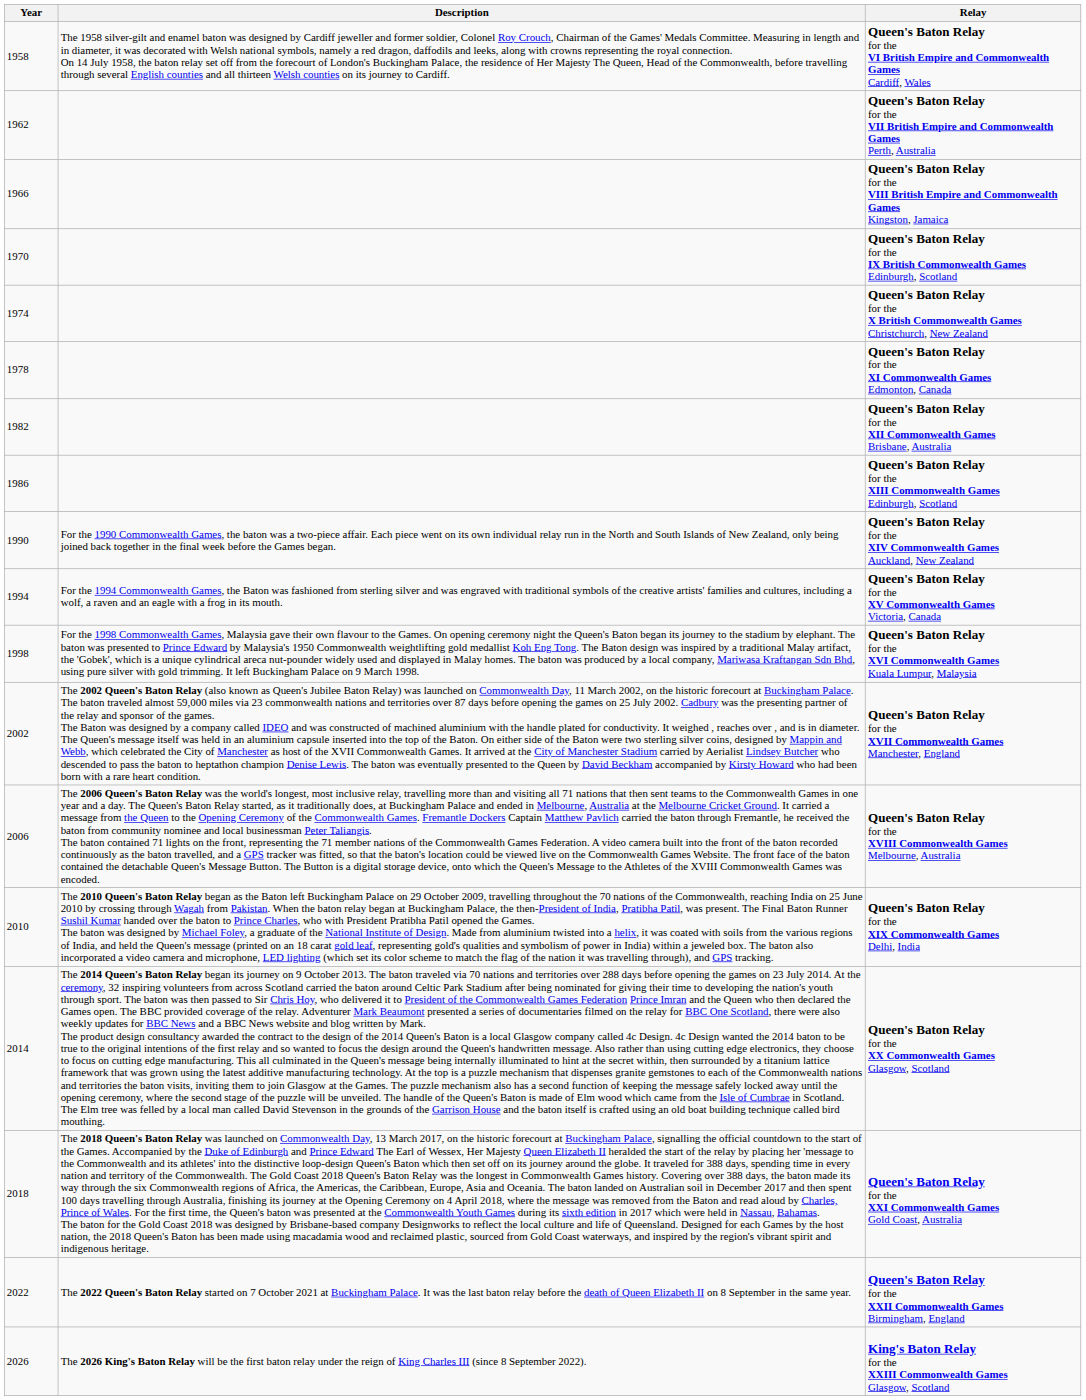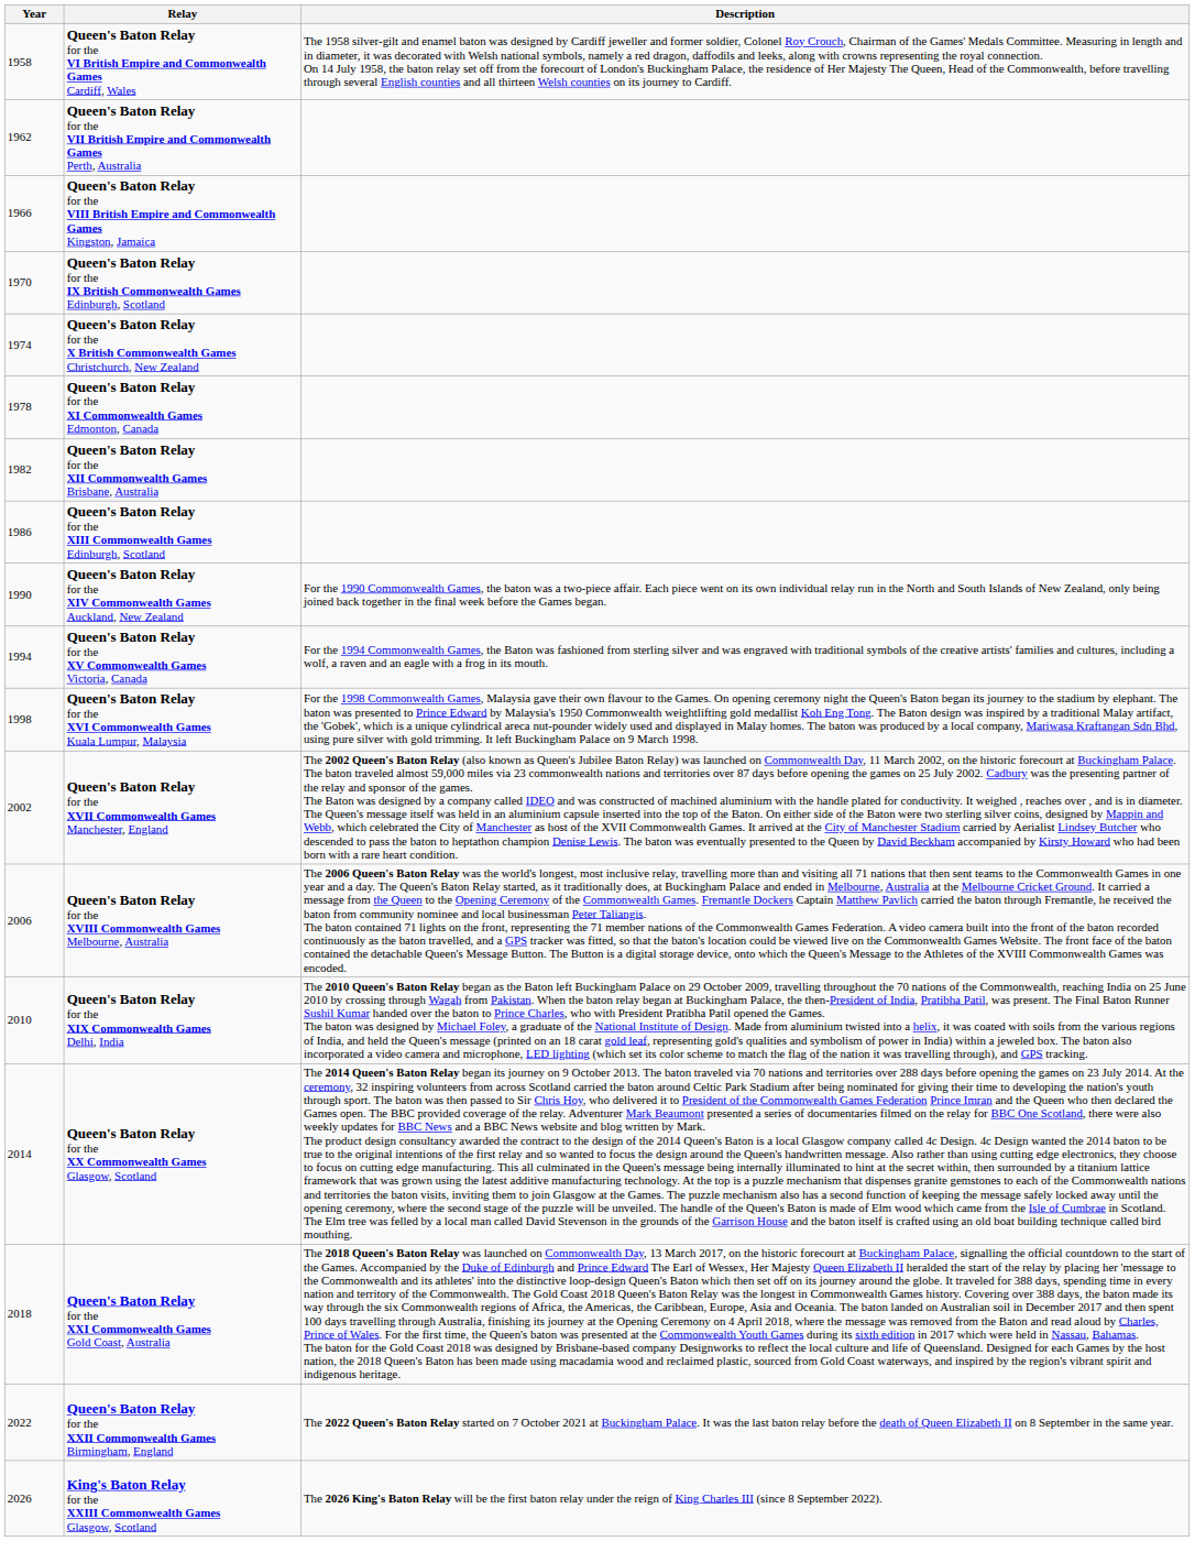 <table class="wikitable" style="width:100%;">
 <tr>
 <th style="width:5%;">Year</th>
+<th style="width:20%;">Relay</th>
 <th style="width:75%;">Description</th>
-<th style="width:20%;">Relay</th>
 </tr>
 <tr>
 <td>1958</td>
+<td><div><strong><big>Queen's Baton Relay</big></strong><br>for the<br><strong><a href='#'>VI British Empire and Commonwealth Games</a></strong><br> <a href='#'>Cardiff</a>, <a href='#'>Wales</a> </div></td>
 <td>The 1958 silver-gilt and enamel baton was designed by Cardiff jeweller and former soldier, Colonel <a href='#'>Roy Crouch</a>, Chairman of the Games' Medals Committee. Measuring  in length and  in diameter, it was decorated with Welsh national symbols, namely a red dragon, daffodils and leeks, along with crowns representing the royal connection.<br>On 14 July 1958, the baton relay set off from the forecourt of London's Buckingham Palace, the residence of Her Majesty The Queen, Head of the Commonwealth, before travelling through several <a href='#'>English counties</a> and all thirteen <a href='#'>Welsh counties</a> on its journey to Cardiff.</td>
-<td><div><strong><big>Queen's Baton Relay</big></strong><br>for the<br><strong><a href='#'>VI British Empire and Commonwealth Games</a></strong><br> <a href='#'>Cardiff</a>, <a href='#'>Wales</a> </div></td>
 </tr>
 <tr>
 <td>1962</td>
+<td><div><strong><big>Queen's Baton Relay</big></strong><br>for the<br><strong><a href='#'>VII British Empire and Commonwealth Games</a></strong><br> <a href='#'>Perth</a>, <a href='#'>Australia</a> </div></td>
 <td></td>
-<td><div><strong><big>Queen's Baton Relay</big></strong><br>for the<br><strong><a href='#'>VII British Empire and Commonwealth Games</a></strong><br> <a href='#'>Perth</a>, <a href='#'>Australia</a> </div></td>
 </tr>
 <tr>
 <td>1966</td>
+<td><div><strong><big>Queen's Baton Relay</big></strong><br>for the<br><strong><a href='#'>VIII British Empire and Commonwealth Games</a></strong><br> <a href='#'>Kingston</a>, <a href='#'>Jamaica</a> </div></td>
 <td></td>
-<td><div><strong><big>Queen's Baton Relay</big></strong><br>for the<br><strong><a href='#'>VIII British Empire and Commonwealth Games</a></strong><br> <a href='#'>Kingston</a>, <a href='#'>Jamaica</a> </div></td>
 </tr>
 <tr>
 <td>1970</td>
+<td><div><strong><big>Queen's Baton Relay</big></strong><br>for the<br><strong><a href='#'>IX British Commonwealth Games</a></strong><br> <a href='#'>Edinburgh</a>, <a href='#'>Scotland</a> </div></td>
 <td></td>
-<td><div><strong><big>Queen's Baton Relay</big></strong><br>for the<br><strong><a href='#'>IX British Commonwealth Games</a></strong><br> <a href='#'>Edinburgh</a>, <a href='#'>Scotland</a> </div></td>
 </tr>
 <tr>
 <td>1974</td>
+<td><div><strong><big>Queen's Baton Relay</big></strong><br>for the<br><strong><a href='#'>X British Commonwealth Games</a></strong><br> <a href='#'>Christchurch</a>, <a href='#'>New Zealand</a> </div></td>
 <td></td>
-<td><div><strong><big>Queen's Baton Relay</big></strong><br>for the<br><strong><a href='#'>X British Commonwealth Games</a></strong><br> <a href='#'>Christchurch</a>, <a href='#'>New Zealand</a> </div></td>
 </tr>
 <tr>
 <td>1978</td>
+<td><div><strong><big>Queen's Baton Relay</big></strong><br>for the<br><strong><a href='#'>XI Commonwealth Games</a></strong><br> <a href='#'>Edmonton</a>, <a href='#'>Canada</a> </div></td>
 <td></td>
-<td><div><strong><big>Queen's Baton Relay</big></strong><br>for the<br><strong><a href='#'>XI Commonwealth Games</a></strong><br> <a href='#'>Edmonton</a>, <a href='#'>Canada</a> </div></td>
 </tr>
 <tr>
 <td>1982</td>
+<td><div><strong><big>Queen's Baton Relay</big></strong><br>for the<br><strong><a href='#'>XII Commonwealth Games</a></strong><br> <a href='#'>Brisbane</a>, <a href='#'>Australia</a> </div></td>
 <td></td>
-<td><div><strong><big>Queen's Baton Relay</big></strong><br>for the<br><strong><a href='#'>XII Commonwealth Games</a></strong><br> <a href='#'>Brisbane</a>, <a href='#'>Australia</a> </div></td>
 </tr>
 <tr>
 <td>1986</td>
+<td><div><strong><big>Queen's Baton Relay</big></strong><br>for the<br><strong><a href='#'>XIII Commonwealth Games</a></strong><br> <a href='#'>Edinburgh</a>, <a href='#'>Scotland</a> </div></td>
 <td></td>
-<td><div><strong><big>Queen's Baton Relay</big></strong><br>for the<br><strong><a href='#'>XIII Commonwealth Games</a></strong><br> <a href='#'>Edinburgh</a>, <a href='#'>Scotland</a> </div></td>
 </tr>
 <tr>
 <td>1990</td>
+<td><div><strong><big>Queen's Baton Relay</big></strong><br>for the<br><strong><a href='#'>XIV Commonwealth Games</a></strong><br> <a href='#'>Auckland</a>, <a href='#'>New Zealand</a> </div></td>
 <td>For the <a href='#'>1990 Commonwealth Games</a>, the baton was a two-piece affair. Each piece went on its own individual relay run in the North and South Islands of New Zealand, only being joined back together in the final week before the Games began.</td>
-<td><div><strong><big>Queen's Baton Relay</big></strong><br>for the<br><strong><a href='#'>XIV Commonwealth Games</a></strong><br> <a href='#'>Auckland</a>, <a href='#'>New Zealand</a> </div></td>
 </tr>
 <tr>
 <td>1994</td>
+<td><div><strong><big>Queen's Baton Relay</big></strong><br>for the<br><strong><a href='#'>XV Commonwealth Games</a></strong><br> <a href='#'>Victoria</a>, <a href='#'>Canada</a> </div></td>
 <td>For the <a href='#'>1994 Commonwealth Games</a>, the Baton was fashioned from sterling silver and was engraved with traditional symbols of the creative artists' families and cultures, including a wolf, a raven and an eagle with a frog in its mouth.</td>
-<td><div><strong><big>Queen's Baton Relay</big></strong><br>for the<br><strong><a href='#'>XV Commonwealth Games</a></strong><br> <a href='#'>Victoria</a>, <a href='#'>Canada</a> </div></td>
 </tr>
 <tr>
 <td>1998</td>
+<td><div><strong><big>Queen's Baton Relay</big></strong><br>for the<br><strong><a href='#'>XVI Commonwealth Games</a></strong><br> <a href='#'>Kuala Lumpur</a>, <a href='#'>Malaysia</a> </div></td>
 <td>For the <a href='#'>1998 Commonwealth Games</a>, Malaysia gave their own flavour to the Games. On opening ceremony night the Queen's Baton began its journey to the stadium by elephant. The baton was presented to <a href='#'>Prince Edward</a> by Malaysia's 1950 Commonwealth weightlifting gold medallist <a href='#'>Koh Eng Tong</a>. The Baton design was inspired by a traditional Malay artifact, the 'Gobek', which is a unique cylindrical areca nut-pounder widely used and displayed in Malay homes. The baton was produced by a local company, <a href='#'>Mariwasa Kraftangan Sdn Bhd</a>, using pure silver with gold trimming. It left Buckingham Palace on 9 March 1998.</td>
-<td><div><strong><big>Queen's Baton Relay</big></strong><br>for the<br><strong><a href='#'>XVI Commonwealth Games</a></strong><br> <a href='#'>Kuala Lumpur</a>, <a href='#'>Malaysia</a> </div></td>
 </tr>
 <tr>
 <td>2002</td>
+<td><div><strong><big>Queen's Baton Relay</big></strong><br>for the<br><strong><a href='#'>XVII Commonwealth Games</a></strong><br> <a href='#'>Manchester</a>, <a href='#'>England</a> </div></td>
 <td>The <strong>2002 Queen's Baton Relay</strong> (also known as Queen's Jubilee Baton Relay) was launched on <a href='#'>Commonwealth Day</a>, 11 March 2002, on the historic forecourt at <a href='#'>Buckingham Palace</a>. The baton traveled almost 59,000 miles via 23 commonwealth nations and territories over 87 days before opening the games on 25 July 2002. <a href='#'>Cadbury</a> was the presenting partner of the relay and sponsor of the games.<br>The Baton was designed by a company called <a href='#'>IDEO</a> and was constructed of machined aluminium with the handle plated for conductivity. It weighed , reaches over , and is  in diameter. The Queen's message itself was held in an aluminium capsule inserted into the top of the Baton. On either side of the Baton were two sterling silver coins, designed by <a href='#'>Mappin and Webb</a>, which celebrated the City of <a href='#'>Manchester</a> as host of the XVII Commonwealth Games. It arrived at the <a href='#'>City of Manchester Stadium</a> carried by Aerialist <a href='#'>Lindsey Butcher</a> who descended to pass the baton to heptathon champion <a href='#'>Denise Lewis</a>. The baton was eventually presented to the Queen by <a href='#'>David Beckham</a> accompanied by <a href='#'>Kirsty Howard</a> who had been born with a rare heart condition.</td>
-<td><div><strong><big>Queen's Baton Relay</big></strong><br>for the<br><strong><a href='#'>XVII Commonwealth Games</a></strong><br> <a href='#'>Manchester</a>, <a href='#'>England</a> </div></td>
 </tr>
 <tr>
 <td>2006</td>
+<td><div><strong><big>Queen's Baton Relay</big></strong><br>for the<br><strong><a href='#'>XVIII Commonwealth Games</a></strong><br> <a href='#'>Melbourne</a>, <a href='#'>Australia</a> </div></td>
 <td>The <strong>2006 Queen's Baton Relay</strong> was the world's longest, most inclusive relay, travelling more than  and visiting all 71 nations that then sent teams to the Commonwealth Games in one year and a day. The Queen's Baton Relay started, as it traditionally does, at Buckingham Palace and ended in <a href='#'>Melbourne</a>, <a href='#'>Australia</a> at the <a href='#'>Melbourne Cricket Ground</a>. It carried a message from <a href='#'>the Queen</a> to the <a href='#'>Opening Ceremony</a> of the <a href='#'>Commonwealth Games</a>. <a href='#'>Fremantle Dockers</a> Captain <a href='#'>Matthew Pavlich</a> carried the baton through Fremantle, he received the baton from community nominee and local businessman <a href='#'>Peter Taliangis</a>.<br>The baton contained 71 lights on the front, representing the 71 member nations of the Commonwealth Games Federation. A video camera built into the front of the baton recorded continuously as the baton travelled, and a <a href='#'>GPS</a> tracker was fitted, so that the baton's location could be viewed live on the Commonwealth Games Website. The front face of the baton contained the detachable Queen's Message Button. The Button is a digital storage device, onto which the Queen's Message to the Athletes of the XVIII Commonwealth Games was encoded.</td>
-<td><div><strong><big>Queen's Baton Relay</big></strong><br>for the<br><strong><a href='#'>XVIII Commonwealth Games</a></strong><br> <a href='#'>Melbourne</a>, <a href='#'>Australia</a> </div></td>
 </tr>
 <tr>
 <td>2010</td>
+<td><div><strong><big>Queen's Baton Relay</big></strong><br>for the<br><strong><a href='#'>XIX Commonwealth Games</a></strong><br> <a href='#'>Delhi</a>, <a href='#'>India</a> </div></td>
 <td>The <strong>2010 Queen's Baton Relay</strong> began as the Baton left Buckingham Palace on 29 October 2009, travelling throughout the 70 nations of the Commonwealth, reaching India on 25 June 2010 by crossing through <a href='#'>Wagah</a> from <a href='#'>Pakistan</a>. When the baton relay began at Buckingham Palace, the then-<a href='#'>President of India</a>, <a href='#'>Pratibha Patil</a>, was present. The Final Baton Runner <a href='#'>Sushil Kumar</a> handed over the baton to <a href='#'>Prince Charles</a>, who with President Pratibha Patil opened the Games.<br>The baton was designed by <a href='#'>Michael Foley</a>, a graduate of the <a href='#'>National Institute of Design</a>. Made from aluminium twisted into a <a href='#'>helix</a>, it was coated with soils from the various regions of India, and held the Queen's message (printed on an 18 carat <a href='#'>gold leaf</a>, representing gold's qualities and symbolism of power in India) within a jeweled box. The baton also incorporated a video camera and microphone, <a href='#'>LED lighting</a> (which set its color scheme to match the flag of the nation it was travelling through), and <a href='#'>GPS</a> tracking.</td>
-<td><div><strong><big>Queen's Baton Relay</big></strong><br>for the<br><strong><a href='#'>XIX Commonwealth Games</a></strong><br> <a href='#'>Delhi</a>, <a href='#'>India</a> </div></td>
 </tr>
 <tr>
 <td>2014</td>
+<td><div><strong><big>Queen's Baton Relay</big></strong><br>for the<br><strong><a href='#'>XX Commonwealth Games</a></strong><br> <a href='#'>Glasgow</a>, <a href='#'>Scotland</a> </div></td>
 <td>The <strong>2014 Queen's Baton Relay</strong> began its  journey on 9 October 2013. The baton traveled via 70 nations and territories over 288 days before opening the games on 23 July 2014. At the <a href='#'>ceremony</a>, 32 inspiring volunteers from across Scotland carried the baton around Celtic Park Stadium after being nominated for giving their time to developing the nation's youth through sport. The baton was then passed to Sir <a href='#'>Chris Hoy</a>, who delivered it to <a href='#'>President of the Commonwealth Games Federation</a> <a href='#'>Prince Imran</a> and the Queen who then declared the Games open. The BBC provided coverage of the relay. Adventurer <a href='#'>Mark Beaumont</a> presented a series of documentaries filmed on the relay for <a href='#'>BBC One Scotland</a>, there were also weekly updates for <a href='#'>BBC News</a> and a BBC News website and blog written by Mark.<br>The product design consultancy awarded the contract to the design of the 2014 Queen's Baton is a local Glasgow company called 4c Design. 4c Design wanted the 2014 baton to be true to the original intentions of the first relay and so wanted to focus the design around the Queen's handwritten message. Also rather than using cutting edge electronics, they choose to focus on cutting edge manufacturing. This all culminated in the Queen's message being internally illuminated to hint at the secret within, then surrounded by a titanium lattice framework that was grown using the latest additive manufacturing technology. At the top is a puzzle mechanism that dispenses granite gemstones to each of the Commonwealth nations and territories the baton visits, inviting them to join Glasgow at the Games. The puzzle mechanism also has a second function of keeping the message safely locked away until the opening ceremony, where the second stage of the puzzle will be unveiled. The handle of the Queen's Baton is made of Elm wood which came from the <a href='#'>Isle of Cumbrae</a> in Scotland. The Elm tree was felled by a local man called David Stevenson in the grounds of the <a href='#'>Garrison House</a> and the baton itself is crafted using an old boat building technique called bird mouthing.</td>
-<td><div><strong><big>Queen's Baton Relay</big></strong><br>for the<br><strong><a href='#'>XX Commonwealth Games</a></strong><br> <a href='#'>Glasgow</a>, <a href='#'>Scotland</a> </div></td>
 </tr>
 <tr>
 <td>2018</td>
+<td><div><br><strong><big><a href='#'>Queen's Baton Relay</a></big></strong><br>for the<br><strong><a href='#'>XXI Commonwealth Games</a></strong><br> <a href='#'>Gold Coast</a>, <a href='#'>Australia</a> </div></td>
 <td>The <strong>2018 Queen's Baton Relay</strong> was launched on <a href='#'>Commonwealth Day</a>, 13 March 2017, on the historic forecourt at <a href='#'>Buckingham Palace</a>, signalling the official countdown to the start of the Games. Accompanied by the <a href='#'>Duke of Edinburgh</a> and <a href='#'>Prince Edward</a> The Earl of Wessex, Her Majesty <a href='#'>Queen Elizabeth II</a> heralded the start of the relay by placing her 'message to the Commonwealth and its athletes' into the distinctive loop-design Queen's Baton which then set off on its journey around the globe. It traveled for 388 days, spending time in every nation and territory of the Commonwealth. The Gold Coast 2018 Queen's Baton Relay was the longest in Commonwealth Games history. Covering  over 388 days, the baton made its way through the six Commonwealth regions of Africa, the Americas, the Caribbean, Europe, Asia and Oceania. The baton landed on Australian soil in December 2017 and then spent 100 days travelling through Australia, finishing its journey at the Opening Ceremony on 4 April 2018, where the message was removed from the Baton and read aloud by <a href='#'>Charles, Prince of Wales</a>. For the first time, the Queen's baton was presented at the <a href='#'>Commonwealth Youth Games</a> during its <a href='#'>sixth edition</a> in 2017 which were held in <a href='#'>Nassau</a>, <a href='#'>Bahamas</a>.<br>The baton for the Gold Coast 2018 was designed by Brisbane-based company Designworks to reflect the local culture and life of Queensland. Designed for each Games by the host nation, the 2018 Queen's Baton has been made using macadamia wood and reclaimed plastic, sourced from Gold Coast waterways, and inspired by the region's vibrant spirit and indigenous heritage.</td>
-<td><div><br><strong><big><a href='#'>Queen's Baton Relay</a></big></strong><br>for the<br><strong><a href='#'>XXI Commonwealth Games</a></strong><br> <a href='#'>Gold Coast</a>, <a href='#'>Australia</a> </div></td>
 </tr>
 <tr>
 <td>2022</td>
+<td><div><br><strong><big><a href='#'>Queen's Baton Relay</a></big></strong><br>for the<br><strong><a href='#'>XXII Commonwealth Games</a></strong><br> <a href='#'>Birmingham</a>, <a href='#'>England</a> </div></td>
 <td>The <strong>2022 Queen's Baton Relay</strong> started on 7 October 2021 at <a href='#'>Buckingham Palace</a>. It was the last baton relay before the <a href='#'>death of Queen Elizabeth II</a> on 8 September in the same year.</td>
-<td><div><br><strong><big><a href='#'>Queen's Baton Relay</a></big></strong><br>for the<br><strong><a href='#'>XXII Commonwealth Games</a></strong><br> <a href='#'>Birmingham</a>, <a href='#'>England</a> </div></td>
 </tr>
 <tr>
 <td>2026</td>
+<td><div><br><strong><big><a href='#'>King's Baton Relay</a></big></strong><br>for the<br><strong><a href='#'>XXIII Commonwealth Games</a></strong><br> <a href='#'>Glasgow</a>, <a href='#'>Scotland</a> </div></td>
 <td>The <strong>2026 King's Baton Relay</strong> will be the first baton relay under the reign of <a href='#'>King Charles III</a> (since 8 September 2022).</td>
-<td><div><br><strong><big><a href='#'>King's Baton Relay</a></big></strong><br>for the<br><strong><a href='#'>XXIII Commonwealth Games</a></strong><br> <a href='#'>Glasgow</a>, <a href='#'>Scotland</a> </div></td>
 </tr>
 </table>
